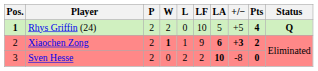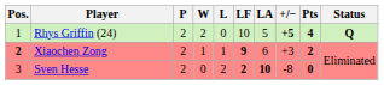 <table class="wikitable" style="text-align:center; margin: 1em auto 1em auto, align:left">
 <tr>
 <th width=20>Pos.</th>
 <th width=185>Player</th>
 <th width=20>P</th>
 <th width=20>W</th>
 <th width=20>L</th>
 <th width=20>LF</th>
 <th width=20>LA</th>
 <th width=25>+/−</th>
 <th width=20>Pts</th>
 <th width=70>Status</th>
 </tr>
 <tr style="background:#D0F0C0;">
-<td><strong>1</strong></td>
+<td>1</td>
 <td align=left> <a href='#'>Rhys Griffin</a> (24)</td>
 <td>2</td>
 <td>2</td>
 <td>0</td>
 <td>10</td>
 <td>5</td>
-<td>+5</td>
+<td><strong>+5</strong></td>
 <td><strong>4</strong></td>
 <td rowspan=1><strong>Q</strong></td>
 </tr>
 <tr style="background:#FF8888;">
-<td>2</td>
+<td><strong>2</strong></td>
 <td align=left> <a href='#'>Xiaochen Zong</a></td>
 <td>2</td>
-<td><strong>1</strong></td>
 <td>1</td>
-<td>9</td>
-<td><strong>6</strong></td>
-<td><strong>+3</strong></td>
+<td>1</td>
+<td><strong>9</strong></td>
+<td>6</td>
+<td>+3</td>
 <td><strong>2</strong></td>
 <td rowspan=2>Eliminated</td>
 </tr>
 <tr style="background:#FF8888;">
 <td>3</td>
 <td align=left> <a href='#'>Sven Hesse</a></td>
 <td>2</td>
 <td>0</td>
 <td>2</td>
-<td>2</td>
+<td><strong>2</strong></td>
 <td><strong>10</strong></td>
 <td>-8</td>
 <td><strong>0</strong></td>
 </tr>
 </table>
